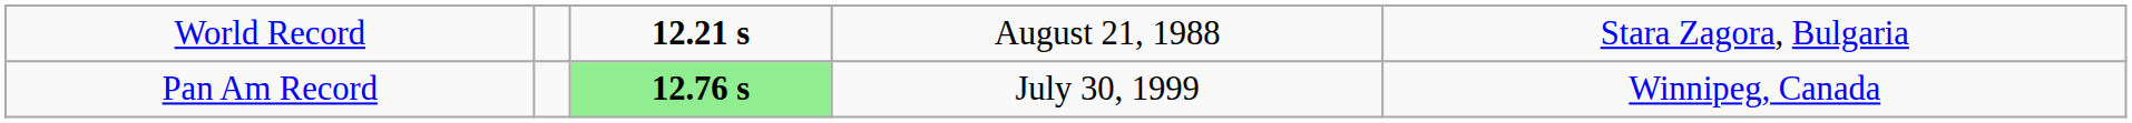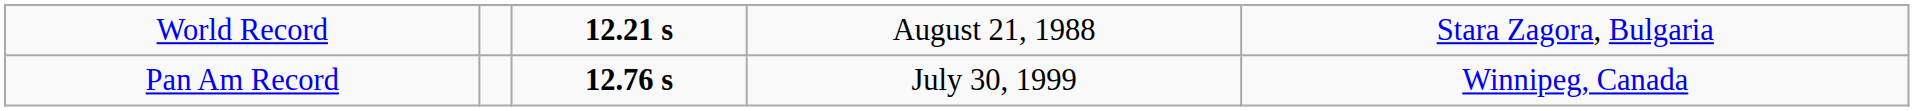 <table class="wikitable" style=" text-align:center; font-size:95%;" width="75%">
 <tr>
 <td><a href='#'>World Record</a></td>
 <td></td>
 <td><strong>12.21 s </strong></td>
 <td>August 21, 1988</td>
 <td> <a href='#'>Stara Zagora</a>, <a href='#'>Bulgaria</a></td>
 </tr>
 <tr>
 <td><a href='#'>Pan Am Record</a></td>
 <td></td>
-<td style="background: lightgreen;"><strong>12.76 s </strong></td>
+<td><strong>12.76 s </strong></td>
 <td>July 30, 1999</td>
 <td> <a href='#'>Winnipeg, Canada</a></td>
 </tr>
 </table>
